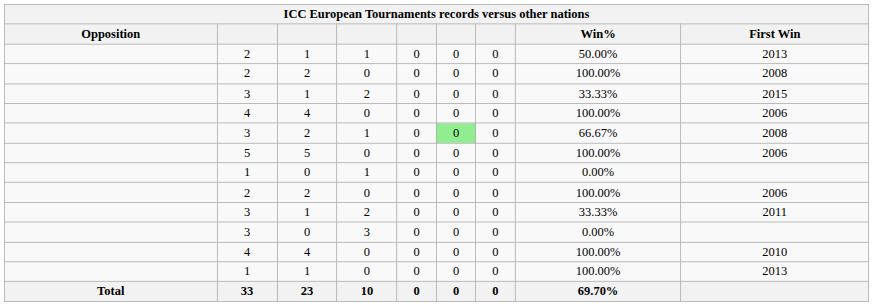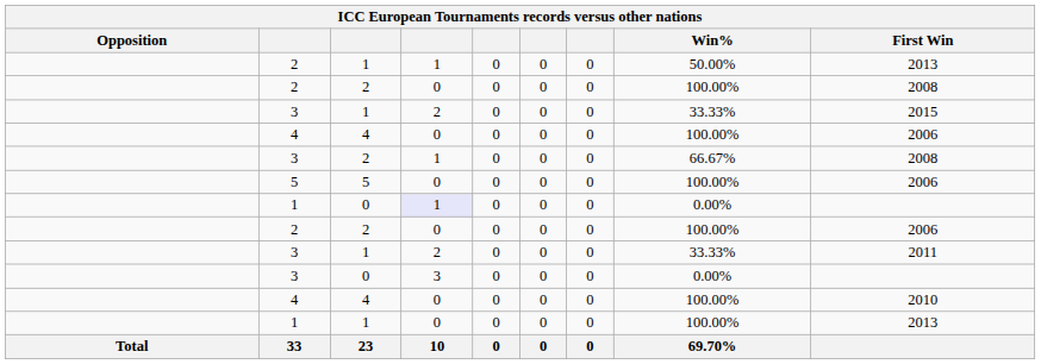 <table class="wikitable plainrowheaders sortable" style="text-align:center; font-size:100%; width:70%;">
 <tr class="unsortable">
 <th scope="col" colspan=9>ICC European Tournaments records versus other nations</th>
 </tr>
 <tr align="center">
 <th scope="col">Opposition</th>
 <th scope="col"></th>
 <th scope="col"></th>
 <th scope="col"></th>
 <th scope="col"></th>
 <th scope="col"></th>
 <th scope="col"></th>
 <th scope="col">Win%</th>
 <th scope="col" class="unsortable">First Win</th>
 </tr>
 <tr align="center">
 <td style="text-align:left;"></td>
 <td>2</td>
 <td>1</td>
 <td>1</td>
 <td>0</td>
 <td>0</td>
 <td>0</td>
 <td>50.00%</td>
 <td>2013</td>
 </tr>
 <tr>
 <td style="text-align:left;"></td>
 <td>2</td>
 <td>2</td>
 <td>0</td>
 <td>0</td>
 <td>0</td>
 <td>0</td>
 <td>100.00%</td>
 <td>2008</td>
 </tr>
 <tr>
 <td style="text-align:left;"></td>
 <td>3</td>
 <td>1</td>
 <td>2</td>
 <td>0</td>
 <td>0</td>
 <td>0</td>
 <td>33.33%</td>
 <td>2015</td>
 </tr>
 <tr>
 <td style="text-align:left;"></td>
 <td>4</td>
 <td>4</td>
 <td>0</td>
 <td>0</td>
 <td>0</td>
 <td>0</td>
 <td>100.00%</td>
 <td>2006</td>
 </tr>
 <tr>
 <td style="text-align:left;"></td>
 <td>3</td>
 <td>2</td>
 <td>1</td>
 <td>0</td>
-<td style="background: lightgreen;">0</td>
+<td>0</td>
 <td>0</td>
 <td>66.67%</td>
 <td>2008</td>
 </tr>
 <tr>
 <td style="text-align:left;"></td>
 <td>5</td>
 <td>5</td>
 <td>0</td>
 <td>0</td>
 <td>0</td>
 <td>0</td>
 <td>100.00%</td>
 <td>2006</td>
 </tr>
 <tr>
 <td style="text-align:left;"></td>
 <td>1</td>
 <td>0</td>
-<td>1</td>
+<td style="background: lavender;">1</td>
 <td>0</td>
 <td>0</td>
 <td>0</td>
 <td>0.00%</td>
 <td></td>
 </tr>
 <tr>
 <td style="text-align:left;"></td>
 <td>2</td>
 <td>2</td>
 <td>0</td>
 <td>0</td>
 <td>0</td>
 <td>0</td>
 <td>100.00%</td>
 <td>2006</td>
 </tr>
 <tr>
 <td style="text-align:left;"></td>
 <td>3</td>
 <td>1</td>
 <td>2</td>
 <td>0</td>
 <td>0</td>
 <td>0</td>
 <td>33.33%</td>
 <td>2011</td>
 </tr>
 <tr>
 <td style="text-align:left;"></td>
 <td>3</td>
 <td>0</td>
 <td>3</td>
 <td>0</td>
 <td>0</td>
 <td>0</td>
 <td>0.00%</td>
 <td></td>
 </tr>
 <tr>
 <td style="text-align:left;"></td>
 <td>4</td>
 <td>4</td>
 <td>0</td>
 <td>0</td>
 <td>0</td>
 <td>0</td>
 <td>100.00%</td>
 <td>2010</td>
 </tr>
 <tr>
 <td style="text-align:left;"></td>
 <td>1</td>
 <td>1</td>
 <td>0</td>
 <td>0</td>
 <td>0</td>
 <td>0</td>
 <td>100.00%</td>
 <td>2013</td>
 </tr>
 <tr>
 <th scope="col" rowspan=2 class="unsortable">Total </th>
 <th>33</th>
 <th>23</th>
 <th>10</th>
 <th>0</th>
 <th>0</th>
 <th>0</th>
 <th>69.70%</th>
 <th></th>
 </tr>
 </table>
